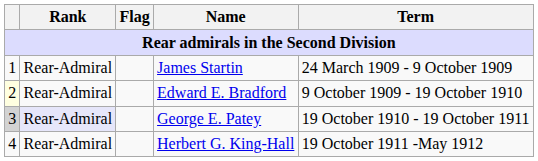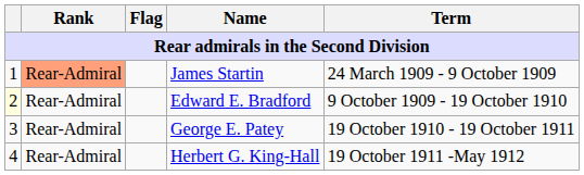 <table class="wikitable">
 <tr>
 <th></th>
 <th>Rank</th>
 <th>Flag</th>
 <th>Name</th>
 <th>Term</th>
 </tr>
 <tr>
 <td colspan="5" align="center" style="background:#dcdcfe;"><strong>Rear admirals in the Second Division</strong></td>
 </tr>
 <tr>
 <td>1</td>
-<td>Rear-Admiral</td>
+<td style="background: lightsalmon;">Rear-Admiral</td>
 <td></td>
 <td><a href='#'>James Startin</a></td>
 <td>24 March 1909 -  9 October 1909</td>
 </tr>
 <tr>
 <td style="background: lightyellow;">2</td>
 <td>Rear-Admiral</td>
 <td></td>
 <td><a href='#'>Edward E. Bradford</a></td>
 <td>9 October 1909 - 19 October 1910</td>
 </tr>
 <tr>
-<td style="background: lightgrey;">3</td>
-<td style="background: lavender;">Rear-Admiral</td>
+<td>3</td>
+<td>Rear-Admiral</td>
 <td></td>
 <td><a href='#'>George E. Patey</a></td>
 <td>19 October 1910 -  19 October 1911</td>
 </tr>
 <tr>
 <td>4</td>
 <td>Rear-Admiral</td>
 <td></td>
 <td><a href='#'>Herbert G. King-Hall</a></td>
 <td>19 October 1911 -May 1912</td>
 </tr>
 <tr>
 </tr>
 </table>
